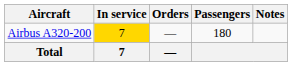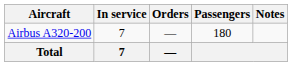 <table class="wikitable" style="margin:1em auto; text-align:center;">
 <tr>
 <th>Aircraft</th>
 <th>In service</th>
 <th>Orders</th>
 <th>Passengers</th>
 <th>Notes</th>
 </tr>
 <tr>
 <td><a href='#'>Airbus A320-200</a></td>
-<td style="background: gold;">7</td>
+<td>7</td>
 <td>—</td>
 <td>180</td>
 <td></td>
 </tr>
 <tr>
 <th>Total</th>
 <th>7</th>
 <th>—</th>
 <th colspan="2"></th>
 </tr>
 </table>
